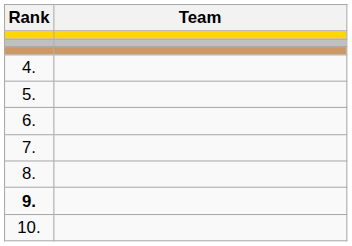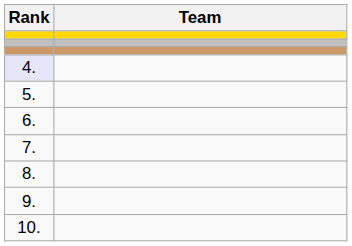 <table class="wikitable">
 <tr>
 <th>Rank</th>
 <th align="left" style="width: 17em">Team</th>
 </tr>
 <tr bgcolor=gold>
 <td align="center"></td>
 <td></td>
 </tr>
 <tr bgcolor=silver>
 <td align="center"></td>
 <td></td>
 </tr>
 <tr bgcolor=cc9966>
 <td align="center"></td>
 <td></td>
 </tr>
 <tr>
-<td align="center">4.</td>
+<td align="center" style="background: lavender;">4.</td>
 <td></td>
 </tr>
 <tr>
 <td align="center">5.</td>
 <td></td>
 </tr>
 <tr>
 <td align="center">6.</td>
 <td></td>
 </tr>
 <tr>
 <td align="center">7.</td>
 <td></td>
 </tr>
 <tr>
 <td align="center">8.</td>
 <td></td>
 </tr>
 <tr>
-<td align="center"><strong>9.</strong></td>
+<td align="center">9.</td>
 <td></td>
 </tr>
 <tr>
 <td align="center">10.</td>
 <td></td>
 </tr>
 </table>
